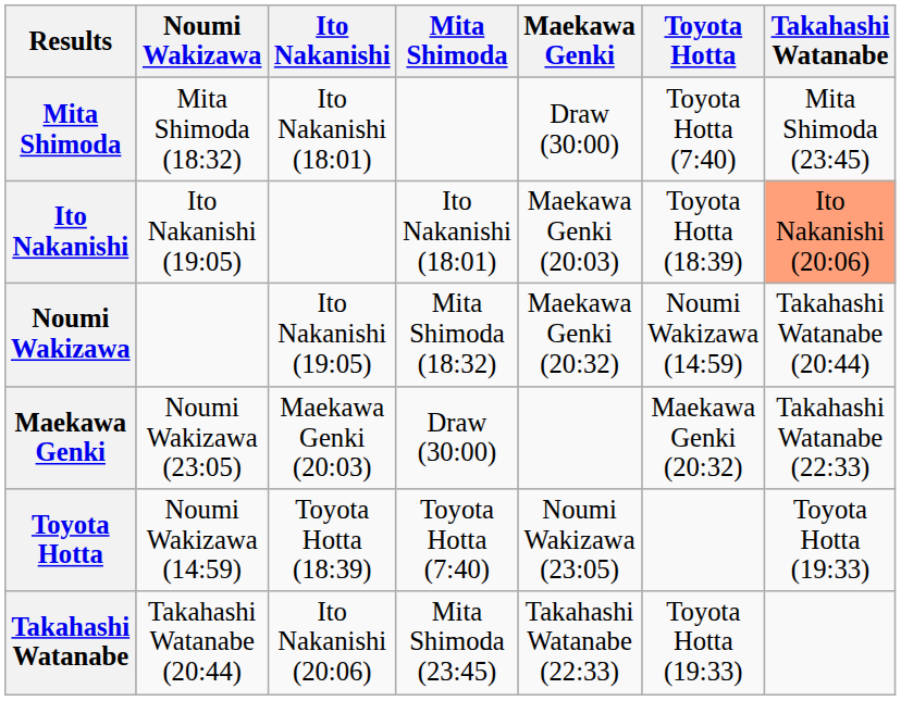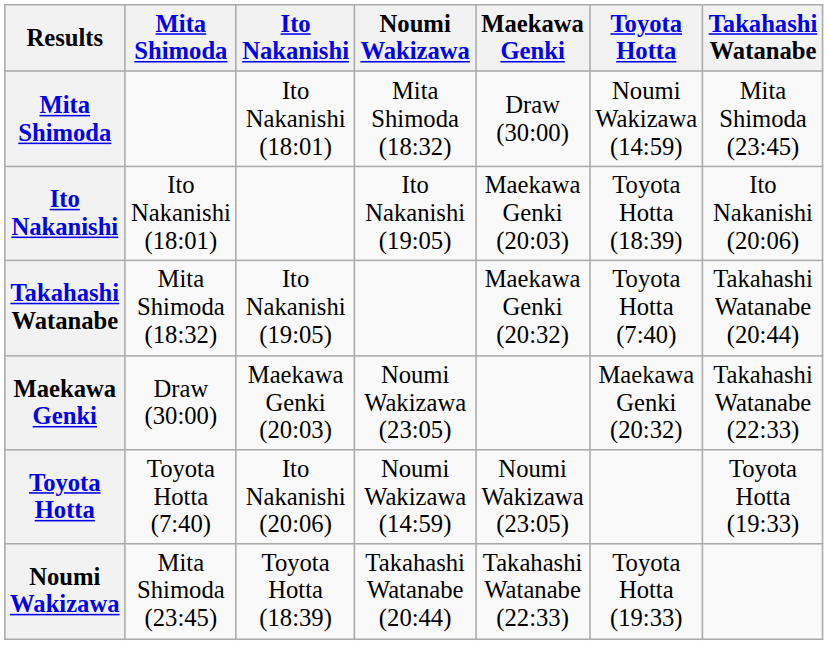 <table class="wikitable" style="text-align:center; margin: 1em auto 1em auto">
 <tr>
 <th>Results</th>
+<th><a href='#'>Mita</a><br><a href='#'>Shimoda</a></th>
+<th><a href='#'>Ito</a><br><a href='#'>Nakanishi</a></th>
 <th>Noumi<br><a href='#'>Wakizawa</a></th>
-<th><a href='#'>Ito</a><br><a href='#'>Nakanishi</a></th>
-<th><a href='#'>Mita</a><br><a href='#'>Shimoda</a></th>
 <th>Maekawa<br><a href='#'>Genki</a></th>
 <th><a href='#'>Toyota</a><br><a href='#'>Hotta</a></th>
 <th><a href='#'>Takahashi</a><br>Watanabe</th>
 </tr>
 <tr>
 <th><a href='#'>Mita</a><br><a href='#'>Shimoda</a></th>
+<td></td>
+<td>Ito<br>Nakanishi<br>(18:01)</td>
 <td>Mita<br>Shimoda<br>(18:32)</td>
-<td>Ito<br>Nakanishi<br>(18:01)</td>
-<td></td>
 <td>Draw<br>(30:00)</td>
-<td>Toyota<br>Hotta<br>(7:40)</td>
+<td>Noumi<br>Wakizawa<br>(14:59)</td>
 <td>Mita<br>Shimoda<br>(23:45)</td>
 </tr>
 <tr>
 <th><a href='#'>Ito</a><br><a href='#'>Nakanishi</a></th>
+<td>Ito<br>Nakanishi<br>(18:01)</td>
+<td></td>
+<td>Ito<br>Nakanishi<br>(19:05)</td>
+<td>Maekawa<br>Genki<br>(20:03)</td>
+<td>Toyota<br>Hotta<br>(18:39)</td>
+<td>Ito<br>Nakanishi<br>(20:06)</td>
+</tr>
+<tr>
+<th><a href='#'>Takahashi</a><br>Watanabe</th>
+<td>Mita<br>Shimoda<br>(18:32)</td>
 <td>Ito<br>Nakanishi<br>(19:05)</td>
 <td></td>
-<td>Ito<br>Nakanishi<br>(18:01)</td>
-<td>Maekawa<br>Genki<br>(20:03)</td>
-<td>Toyota<br>Hotta<br>(18:39)</td>
-<td style="background: lightsalmon;">Ito<br>Nakanishi<br>(20:06)</td>
-</tr>
-<tr>
-<th>Noumi<br><a href='#'>Wakizawa</a></th>
-<td></td>
-<td>Ito<br>Nakanishi<br>(19:05)</td>
-<td>Mita<br>Shimoda<br>(18:32)</td>
 <td>Maekawa<br>Genki<br>(20:32)</td>
-<td>Noumi<br>Wakizawa<br>(14:59)</td>
+<td>Toyota<br>Hotta<br>(7:40)</td>
 <td>Takahashi<br>Watanabe<br>(20:44)</td>
 </tr>
 <tr>
 <th>Maekawa<br><a href='#'>Genki</a></th>
+<td>Draw<br>(30:00)</td>
+<td>Maekawa<br>Genki<br>(20:03)</td>
 <td>Noumi<br>Wakizawa<br>(23:05)</td>
-<td>Maekawa<br>Genki<br>(20:03)</td>
-<td>Draw<br>(30:00)</td>
 <td></td>
 <td>Maekawa<br>Genki<br>(20:32)</td>
 <td>Takahashi<br>Watanabe<br>(22:33)</td>
 </tr>
 <tr>
 <th><a href='#'>Toyota</a><br><a href='#'>Hotta</a></th>
+<td>Toyota<br>Hotta<br>(7:40)</td>
+<td>Ito<br>Nakanishi<br>(20:06)</td>
 <td>Noumi<br>Wakizawa<br>(14:59)</td>
-<td>Toyota<br>Hotta<br>(18:39)</td>
-<td>Toyota<br>Hotta<br>(7:40)</td>
 <td>Noumi<br>Wakizawa<br>(23:05)</td>
 <td></td>
 <td>Toyota<br>Hotta<br>(19:33)</td>
 </tr>
 <tr>
-<th><a href='#'>Takahashi</a><br>Watanabe</th>
+<th>Noumi<br><a href='#'>Wakizawa</a></th>
+<td>Mita<br>Shimoda<br>(23:45)</td>
+<td>Toyota<br>Hotta<br>(18:39)</td>
 <td>Takahashi<br>Watanabe<br>(20:44)</td>
-<td>Ito<br>Nakanishi<br>(20:06)</td>
-<td>Mita<br>Shimoda<br>(23:45)</td>
 <td>Takahashi<br>Watanabe<br>(22:33)</td>
 <td>Toyota<br>Hotta<br>(19:33)</td>
 <td></td>
 </tr>
 </table>
